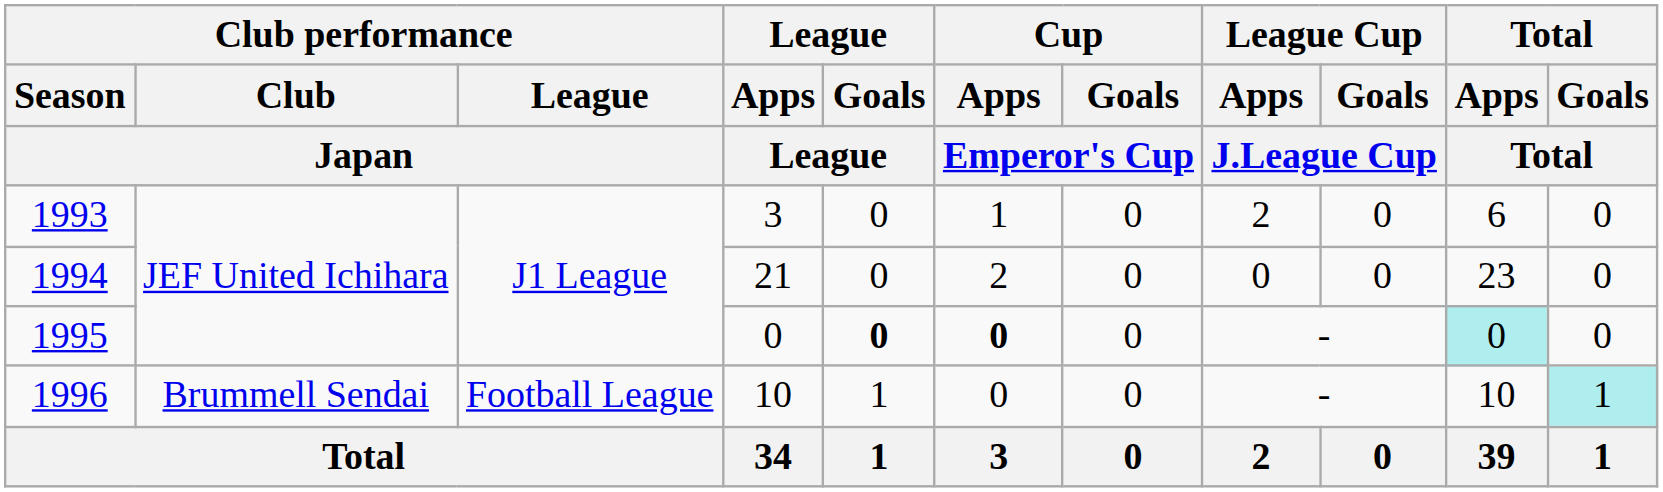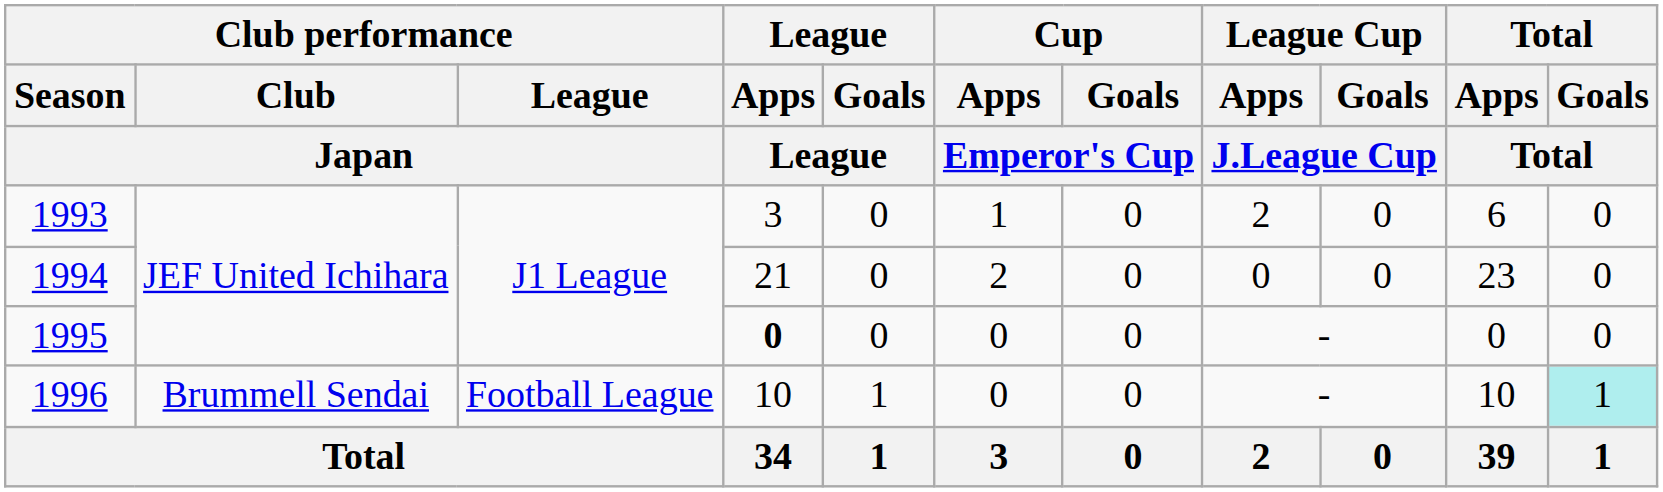 <table class="wikitable" style="text-align:center;">
 <tr>
 <th colspan=3>Club performance</th>
 <th colspan=2>League</th>
 <th colspan=2>Cup</th>
 <th colspan=2>League Cup</th>
 <th colspan=2>Total</th>
 </tr>
 <tr>
 <th>Season</th>
 <th>Club</th>
 <th>League</th>
 <th>Apps</th>
 <th>Goals</th>
 <th>Apps</th>
 <th>Goals</th>
 <th>Apps</th>
 <th>Goals</th>
 <th>Apps</th>
 <th>Goals</th>
 </tr>
 <tr>
 <th colspan=3>Japan</th>
 <th colspan=2>League</th>
 <th colspan=2><a href='#'>Emperor's Cup</a></th>
 <th colspan=2><a href='#'>J.League Cup</a></th>
 <th colspan=2>Total</th>
 </tr>
 <tr>
 <td><a href='#'>1993</a></td>
 <td rowspan="3"><a href='#'>JEF United Ichihara</a></td>
 <td rowspan="3"><a href='#'>J1 League</a></td>
 <td>3</td>
 <td>0</td>
 <td>1</td>
 <td>0</td>
 <td>2</td>
 <td>0</td>
 <td>6</td>
 <td>0</td>
 </tr>
 <tr>
 <td><a href='#'>1994</a></td>
 <td>21</td>
 <td>0</td>
 <td>2</td>
 <td>0</td>
 <td>0</td>
 <td>0</td>
 <td>23</td>
 <td>0</td>
 </tr>
 <tr>
 <td><a href='#'>1995</a></td>
-<td>0</td>
-<td><strong>0</strong></td>
 <td><strong>0</strong></td>
 <td>0</td>
+<td>0</td>
+<td>0</td>
 <td colspan="2">-</td>
-<td style="background: paleturquoise;">0</td>
+<td>0</td>
 <td>0</td>
 </tr>
 <tr>
 <td><a href='#'>1996</a></td>
 <td><a href='#'>Brummell Sendai</a></td>
 <td><a href='#'>Football League</a></td>
 <td>10</td>
 <td>1</td>
 <td>0</td>
 <td>0</td>
 <td colspan="2">-</td>
 <td>10</td>
 <td style="background: paleturquoise;">1</td>
 </tr>
 <tr>
 <th colspan=3>Total</th>
 <th>34</th>
 <th>1</th>
 <th>3</th>
 <th>0</th>
 <th>2</th>
 <th>0</th>
 <th>39</th>
 <th>1</th>
 </tr>
 </table>
